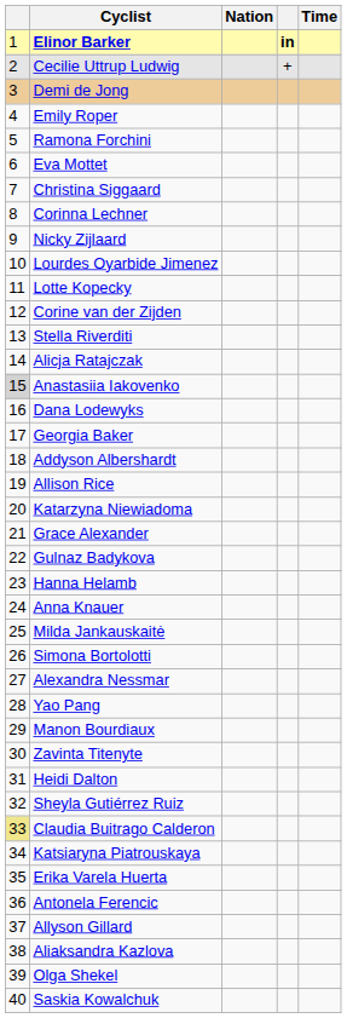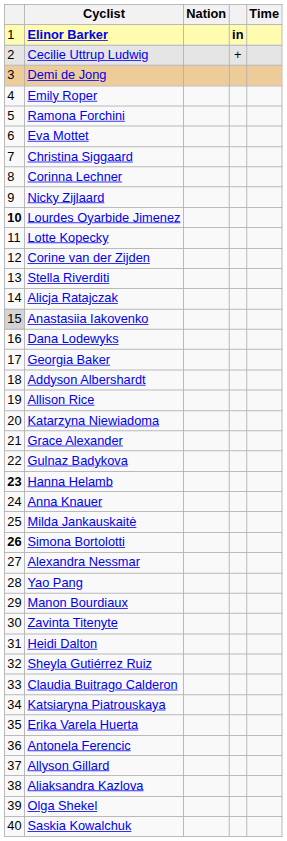 <table class="wikitable">
 <tr>
 <th scope=col></th>
 <th scope=col>Cyclist</th>
 <th scope=col>Nation</th>
 <th scope=col></th>
 <th scope=col>Time</th>
 </tr>
 <tr bgcolor=fffcaf>
 <td>1</td>
 <td><strong><a href='#'>Elinor Barker</a></strong></td>
 <td><strong></strong></td>
 <td align=center><strong>in</strong></td>
 <td><strong></strong></td>
 </tr>
 <tr bgcolor=e5e5e5>
 <td>2</td>
 <td><a href='#'>Cecilie Uttrup Ludwig</a></td>
 <td></td>
 <td align=center>+</td>
 <td align=right></td>
 </tr>
 <tr bgcolor=eecc99>
 <td>3</td>
 <td><a href='#'>Demi de Jong</a></td>
 <td></td>
 <td></td>
 <td align=right></td>
 </tr>
 <tr>
 <td>4</td>
 <td><a href='#'>Emily Roper</a></td>
 <td></td>
 <td></td>
 <td align=right></td>
 </tr>
 <tr>
 <td>5</td>
 <td><a href='#'>Ramona Forchini</a></td>
 <td></td>
 <td></td>
 <td align=right></td>
 </tr>
 <tr>
 <td>6</td>
 <td><a href='#'>Eva Mottet</a></td>
 <td></td>
 <td></td>
 <td align=right></td>
 </tr>
 <tr>
 <td>7</td>
 <td><a href='#'>Christina Siggaard</a></td>
 <td></td>
 <td></td>
 <td align=right></td>
 </tr>
 <tr>
 <td>8</td>
 <td><a href='#'>Corinna Lechner</a></td>
 <td></td>
 <td></td>
 <td align=right></td>
 </tr>
 <tr>
 <td>9</td>
 <td><a href='#'>Nicky Zijlaard</a></td>
 <td></td>
 <td></td>
 <td align=right></td>
 </tr>
 <tr>
-<td>10</td>
+<td><strong>10</strong></td>
 <td><a href='#'>Lourdes Oyarbide Jimenez</a></td>
 <td></td>
 <td></td>
 <td align=right></td>
 </tr>
 <tr>
 <td>11</td>
 <td><a href='#'>Lotte Kopecky</a></td>
 <td></td>
 <td></td>
 <td align=right></td>
 </tr>
 <tr>
 <td>12</td>
 <td><a href='#'>Corine van der Zijden</a></td>
 <td></td>
 <td></td>
 <td align=right></td>
 </tr>
 <tr>
 <td>13</td>
 <td><a href='#'>Stella Riverditi</a></td>
 <td></td>
 <td></td>
 <td align=right></td>
 </tr>
 <tr>
 <td>14</td>
 <td><a href='#'>Alicja Ratajczak</a></td>
 <td></td>
 <td></td>
 <td align=right></td>
 </tr>
 <tr>
 <td style="background: lightgrey;">15</td>
 <td><a href='#'>Anastasiia Iakovenko</a></td>
 <td></td>
 <td></td>
 <td align=right></td>
 </tr>
 <tr>
 <td>16</td>
 <td><a href='#'>Dana Lodewyks</a></td>
 <td></td>
 <td></td>
 <td align=right></td>
 </tr>
 <tr>
 <td>17</td>
 <td><a href='#'>Georgia Baker</a></td>
 <td></td>
 <td></td>
 <td align=right></td>
 </tr>
 <tr>
 <td>18</td>
 <td><a href='#'>Addyson Albershardt</a></td>
 <td></td>
 <td></td>
 <td align=right></td>
 </tr>
 <tr>
 <td>19</td>
 <td><a href='#'>Allison Rice</a></td>
 <td></td>
 <td></td>
 <td align=right></td>
 </tr>
 <tr>
 <td>20</td>
 <td><a href='#'>Katarzyna Niewiadoma</a></td>
 <td></td>
 <td></td>
 <td align=right></td>
 </tr>
 <tr>
 <td>21</td>
 <td><a href='#'>Grace Alexander</a></td>
 <td></td>
 <td></td>
 <td align=right></td>
 </tr>
 <tr>
 <td>22</td>
 <td><a href='#'>Gulnaz Badykova</a></td>
 <td></td>
 <td></td>
 <td align=right></td>
 </tr>
 <tr>
-<td>23</td>
+<td><strong>23</strong></td>
 <td><a href='#'>Hanna Helamb</a></td>
 <td></td>
 <td></td>
 <td align=right></td>
 </tr>
 <tr>
 <td>24</td>
 <td><a href='#'>Anna Knauer</a></td>
 <td></td>
 <td></td>
 <td align=right></td>
 </tr>
 <tr>
 <td>25</td>
 <td><a href='#'>Milda Jankauskaitė</a></td>
 <td></td>
 <td></td>
 <td align=right></td>
 </tr>
 <tr>
-<td>26</td>
+<td><strong>26</strong></td>
 <td><a href='#'>Simona Bortolotti</a></td>
 <td></td>
 <td></td>
 <td align=right></td>
 </tr>
 <tr>
 <td>27</td>
 <td><a href='#'>Alexandra Nessmar</a></td>
 <td></td>
 <td></td>
 <td align=right></td>
 </tr>
 <tr>
 <td>28</td>
 <td><a href='#'>Yao Pang</a></td>
 <td></td>
 <td></td>
 <td align=right></td>
 </tr>
 <tr>
 <td>29</td>
 <td><a href='#'>Manon Bourdiaux</a></td>
 <td></td>
 <td></td>
 <td align=right></td>
 </tr>
 <tr>
 <td>30</td>
 <td><a href='#'>Zavinta Titenyte</a></td>
 <td></td>
 <td></td>
 <td align=right></td>
 </tr>
 <tr>
 <td>31</td>
 <td><a href='#'>Heidi Dalton</a></td>
 <td></td>
 <td></td>
 <td align=right></td>
 </tr>
 <tr>
 <td>32</td>
 <td><a href='#'>Sheyla Gutiérrez Ruiz</a></td>
 <td></td>
 <td></td>
 <td align=right></td>
 </tr>
 <tr>
-<td style="background: khaki;">33</td>
+<td>33</td>
 <td><a href='#'>Claudia Buitrago Calderon</a></td>
 <td></td>
 <td></td>
 <td align=right></td>
 </tr>
 <tr>
 <td>34</td>
 <td><a href='#'>Katsiaryna Piatrouskaya</a></td>
 <td></td>
 <td></td>
 <td align=right></td>
 </tr>
 <tr>
 <td>35</td>
 <td><a href='#'>Erika Varela Huerta</a></td>
 <td></td>
 <td></td>
 <td align=right></td>
 </tr>
 <tr>
 <td>36</td>
 <td><a href='#'>Antonela Ferencic</a></td>
 <td></td>
 <td></td>
 <td align=right></td>
 </tr>
 <tr>
 <td>37</td>
 <td><a href='#'>Allyson Gillard</a></td>
 <td></td>
 <td></td>
 <td align=right></td>
 </tr>
 <tr>
 <td>38</td>
 <td><a href='#'>Aliaksandra Kazlova</a></td>
 <td></td>
 <td></td>
 <td align=right></td>
 </tr>
 <tr>
 <td>39</td>
 <td><a href='#'>Olga Shekel</a></td>
 <td></td>
 <td></td>
 <td align=right></td>
 </tr>
 <tr>
 <td>40</td>
 <td><a href='#'>Saskia Kowalchuk</a></td>
 <td></td>
 <td></td>
 <td align=right></td>
 </tr>
 </table>
